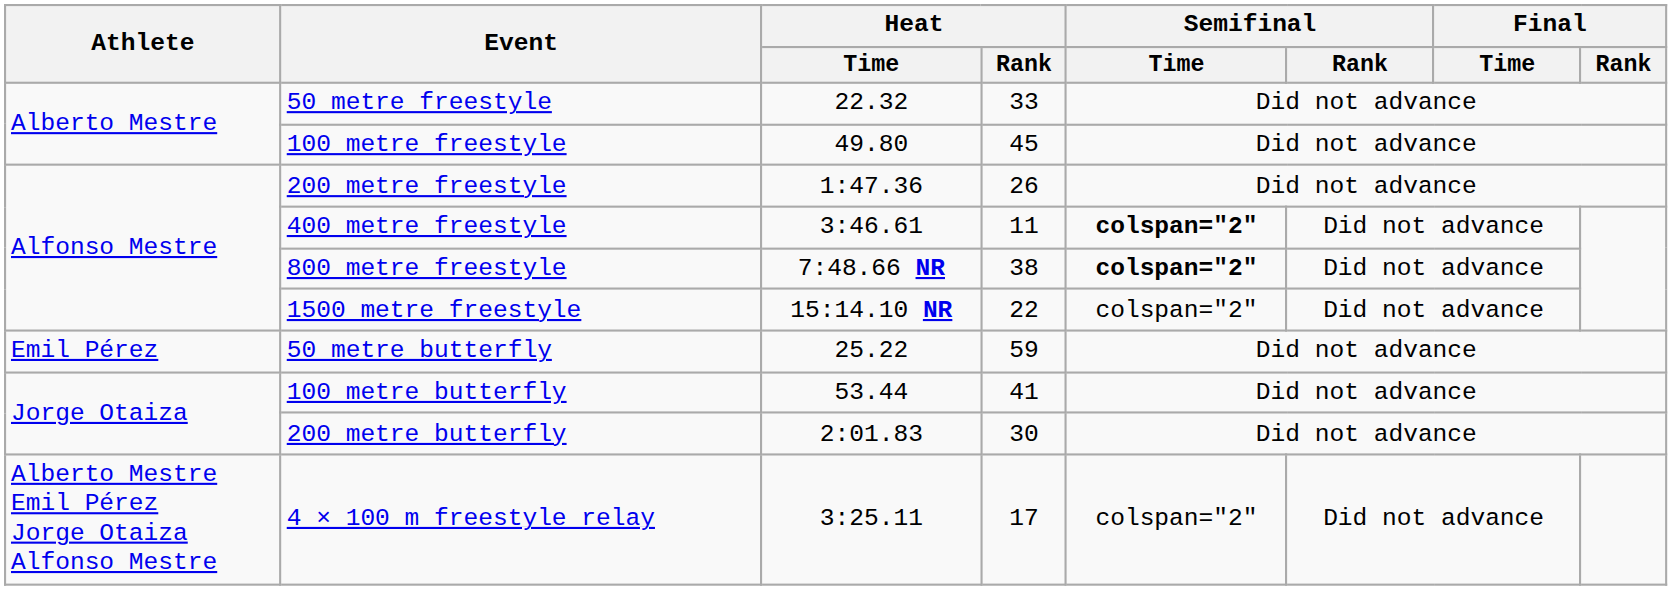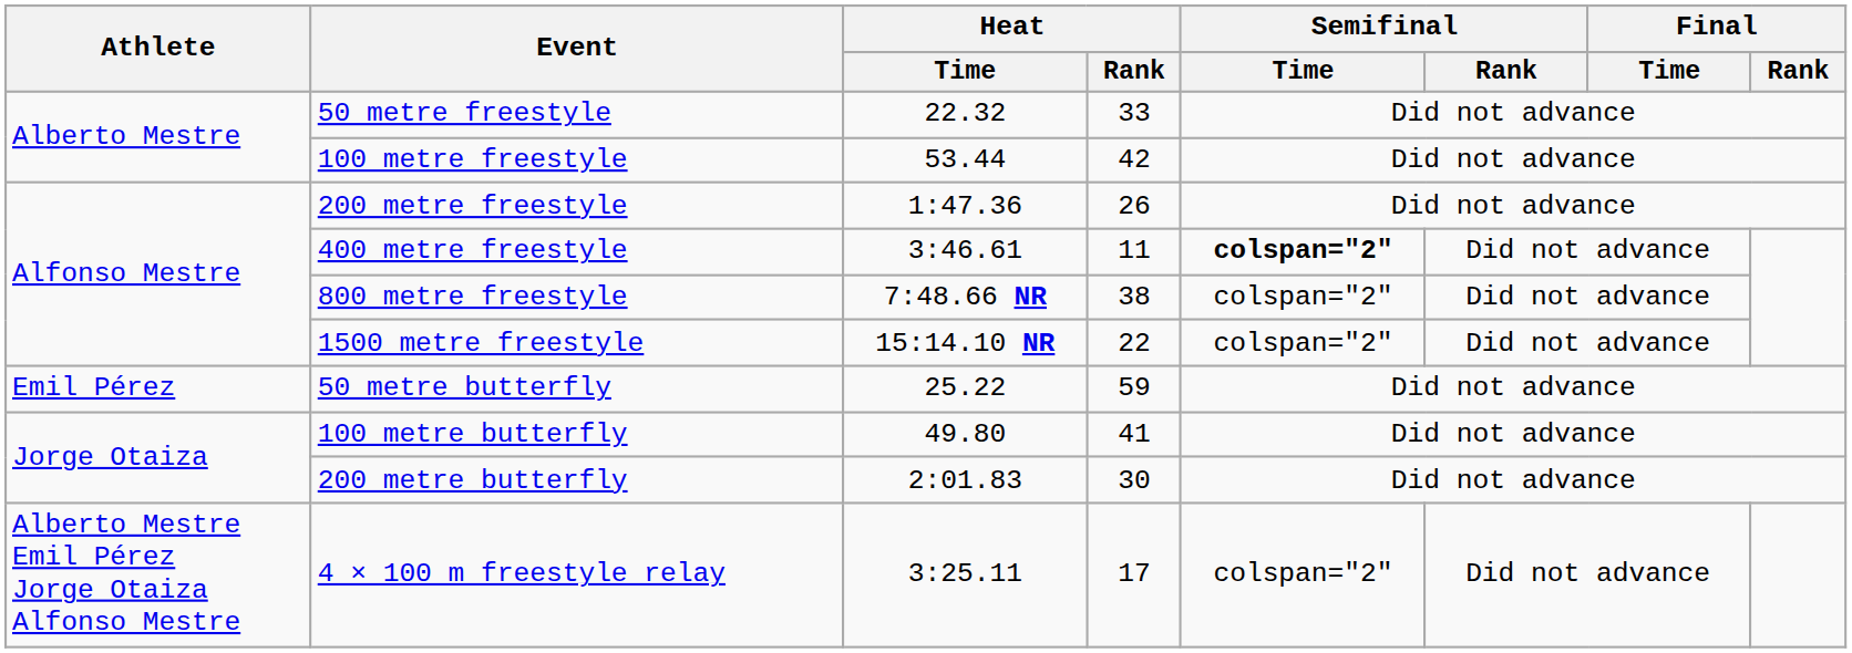 <table class="wikitable" style="text-align:center; font-size:90%; width:50%;">
 <tr>
 <th rowspan="2">Athlete</th>
 <th rowspan="2">Event</th>
 <th colspan="2">Heat</th>
 <th colspan="2">Semifinal</th>
 <th colspan="2">Final</th>
 </tr>
 <tr style="font-size:95%">
 <th>Time</th>
 <th>Rank</th>
 <th>Time</th>
 <th>Rank</th>
 <th>Time</th>
 <th>Rank</th>
 </tr>
 <tr>
 <td align=left rowspan=2><a href='#'>Alberto Mestre</a></td>
 <td align=left><a href='#'>50 metre freestyle</a></td>
 <td>22.32</td>
 <td>33</td>
 <td colspan=4>Did not advance</td>
 </tr>
 <tr>
 <td align=left><a href='#'>100 metre freestyle</a></td>
-<td>49.80</td>
-<td>45</td>
+<td>53.44</td>
+<td>42</td>
 <td colspan=4>Did not advance</td>
 </tr>
 <tr align=center>
 <td align=left rowspan="4"><a href='#'>Alfonso Mestre</a></td>
 <td align=left><a href='#'>200 metre freestyle</a></td>
 <td>1:47.36</td>
 <td>26</td>
 <td colspan=4>Did not advance</td>
 </tr>
 <tr align=center>
 <td align=left><a href='#'>400 metre freestyle</a></td>
 <td>3:46.61</td>
 <td>11</td>
 <td><strong>colspan="2" </strong></td>
 <td colspan="2">Did not advance</td>
 </tr>
 <tr align=center>
 <td align=left><a href='#'>800 metre freestyle</a></td>
 <td>7:48.66 <strong><a href='#'>NR</a></strong></td>
 <td>38</td>
-<td><strong>colspan="2" </strong></td>
+<td>colspan="2" </td>
 <td colspan="2">Did not advance</td>
 </tr>
 <tr align=center>
 <td align=left><a href='#'>1500 metre freestyle</a></td>
 <td>15:14.10 <strong><a href='#'>NR</a></strong></td>
 <td>22</td>
 <td>colspan="2" </td>
 <td colspan="2">Did not advance</td>
 </tr>
 <tr align=center>
 <td align=left><a href='#'>Emil Pérez</a></td>
 <td align=left><a href='#'>50 metre butterfly</a></td>
 <td>25.22</td>
 <td>59</td>
 <td colspan=4>Did not advance</td>
 </tr>
 <tr>
 <td align=left rowspan=2><a href='#'>Jorge Otaiza</a></td>
 <td align=left><a href='#'>100 metre butterfly</a></td>
-<td>53.44</td>
+<td>49.80</td>
 <td>41</td>
 <td colspan=4>Did not advance</td>
 </tr>
 <tr>
 <td align=left><a href='#'>200 metre butterfly</a></td>
 <td>2:01.83</td>
 <td>30</td>
 <td colspan=4>Did not advance</td>
 </tr>
 <tr align=center>
 <td align=left><a href='#'>Alberto Mestre</a> <br><a href='#'>Emil Pérez</a> <br><a href='#'>Jorge Otaiza</a> <br><a href='#'>Alfonso Mestre</a></td>
 <td align=left><a href='#'>4 × 100 m freestyle relay</a></td>
 <td>3:25.11</td>
 <td>17</td>
 <td>colspan="2" </td>
 <td colspan="2">Did not advance</td>
 </tr>
 </table>
